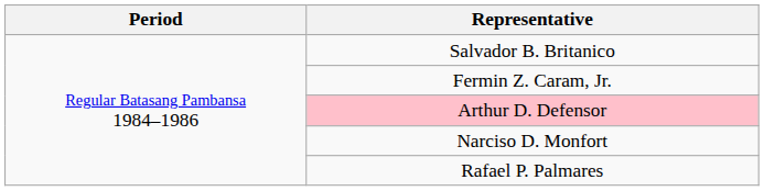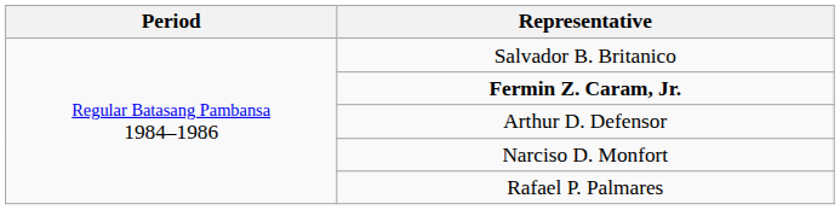 <table class="wikitable" style="text-align:center; width:40%;">
 <tr>
 <th width="40%">Period</th>
 <th>Representative</th>
 </tr>
 <tr>
 <td rowspan="5"><small><a href='#'>Regular Batasang Pambansa</a></small><br>1984–1986</td>
 <td>Salvador B. Britanico</td>
 </tr>
 <tr>
-<td>Fermin Z. Caram, Jr.</td>
+<td><strong>Fermin Z. Caram, Jr.</strong></td>
 </tr>
 <tr>
-<td style="background: pink;">Arthur D. Defensor</td>
+<td>Arthur D. Defensor</td>
 </tr>
 <tr>
 <td>Narciso D. Monfort</td>
 </tr>
 <tr>
 <td>Rafael P. Palmares</td>
 </tr>
 </table>
